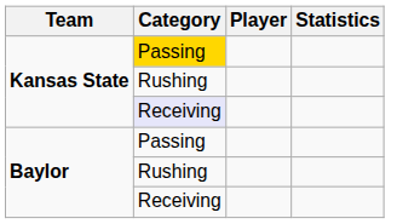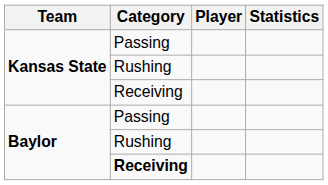 <table class="wikitable" style="float: left;">
 <tr>
 <th>Team</th>
 <th>Category</th>
 <th>Player</th>
 <th>Statistics</th>
 </tr>
 <tr>
 <td rowspan=3><strong>Kansas State</strong></td>
-<td style="background: gold;">Passing</td>
+<td>Passing</td>
 <td></td>
 <td></td>
 </tr>
 <tr>
 <td>Rushing</td>
 <td></td>
 <td></td>
 </tr>
 <tr>
-<td style="background: lavender;">Receiving</td>
+<td>Receiving</td>
 <td></td>
 <td></td>
 </tr>
 <tr>
 <td rowspan=3><strong>Baylor</strong></td>
 <td>Passing</td>
 <td></td>
 <td></td>
 </tr>
 <tr>
 <td>Rushing</td>
 <td></td>
 <td></td>
 </tr>
 <tr>
-<td>Receiving</td>
+<td><strong>Receiving</strong></td>
 <td></td>
 <td></td>
 </tr>
 </table>
